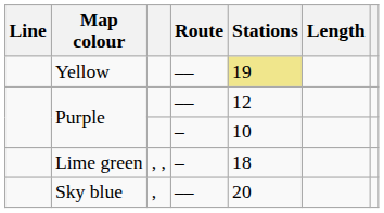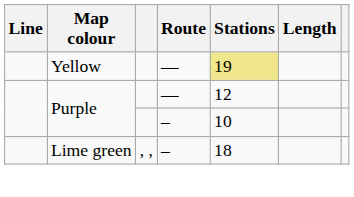 <table class="sortable wikitable">
 <tr>
 <th>Line</th>
 <th class="unsortable">Map<br>colour</th>
 <th class="unsortable"></th>
 <th class="unsortable">Route</th>
 <th>Stations</th>
 <th>Length</th>
 <th class="unsortable"></th>
 </tr>
 <tr>
 <td></td>
 <td style="background:#">Yellow</td>
 <td></td>
 <td>––</td>
 <td style="background: khaki;">19</td>
 <td></td>
 <td></td>
 </tr>
 <tr>
 <td rowspan="2"></td>
 <td rowspan="2" style="background:#">Purple</td>
 <td></td>
 <td>––</td>
 <td>12</td>
 <td></td>
 <td></td>
 </tr>
 <tr>
 <td></td>
 <td>–</td>
 <td>10</td>
 <td></td>
 <td></td>
 </tr>
 <tr>
 <td></td>
 <td style="background:#">Lime green</td>
 <td>, , </td>
 <td>–</td>
 <td>18</td>
 <td></td>
 <td></td>
 </tr>
-<tr>
-<td></td>
-<td style="background:#">Sky blue</td>
-<td>, </td>
-<td>––</td>
-<td>20</td>
-<td></td>
-<td></td>
-</tr>
 </table>
